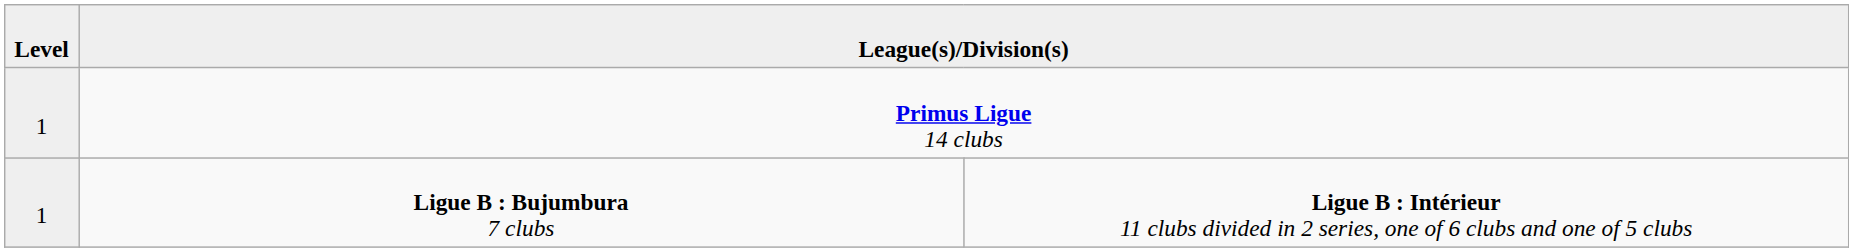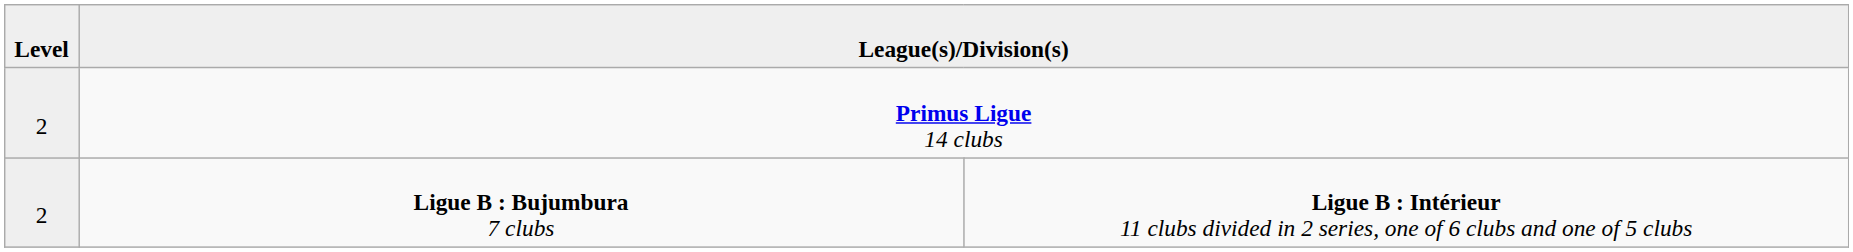 <table class="wikitable" style="text-align:center; width:100%;">
 <tr style="background:#efefef;">
 <td style="width:4%; text-align:center;"><br><strong>Level</strong></td>
 <td colspan="12"  style="width:96%; text-align:center;"><br><strong>League(s)/Division(s)</strong></td>
 </tr>
 <tr>
-<td style="text-align:center; width:4%; background:#efefef;"><br>1</td>
+<td style="text-align:center; width:4%; background:#efefef;"><br>2</td>
 <td colspan="12"  style="width:96%; text-align:center;"><br><strong><a href='#'>Primus Ligue</a></strong><br> <em>14 clubs</em><br></td>
 </tr>
 <tr>
-<td style="text-align:center; width:4%; background:#efefef;"><br>1</td>
+<td style="text-align:center; width:4%; background:#efefef;"><br>2</td>
 <td colspan="6" style="width:48%;"><br><strong>Ligue B : Bujumbura</strong><br> <em>7 clubs</em></td>
 <td colspan="6" style="width:48%;"><br><strong>Ligue B : Intérieur</strong><br> <em>11 clubs divided in 2 series, one of 6 clubs and one of 5 clubs</em></td>
 </tr>
 </table>
